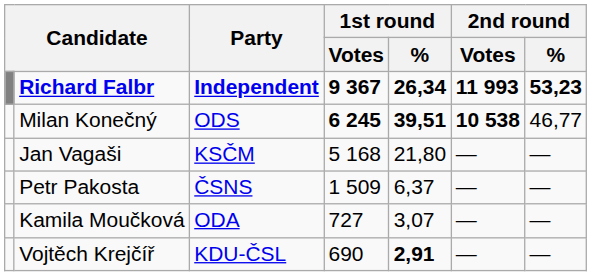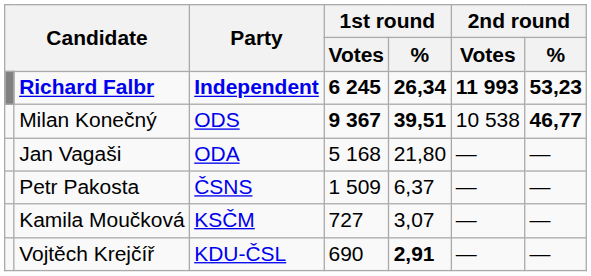 <table class="wikitable sortable">
 <tr>
 <th colspan="2" rowspan="2">Candidate</th>
 <th rowspan="2">Party</th>
 <th colspan="2">1st round</th>
 <th colspan="2">2nd round</th>
 </tr>
 <tr>
 <th>Votes</th>
 <th>%</th>
 <th>Votes</th>
 <th>%</th>
 </tr>
 <tr>
 <td style="background-color:gray;"></td>
 <td><strong><a href='#'>Richard Falbr</a></strong></td>
 <td><strong><a href='#'>Independent</a></strong></td>
-<td><strong>9 367</strong></td>
+<td><strong>6 245</strong></td>
 <td><strong>26,34</strong></td>
 <td><strong>11 993</strong></td>
 <td><strong>53,23</strong></td>
 </tr>
 <tr>
 <td style="background-color:"></td>
 <td>Milan Konečný</td>
 <td><a href='#'>ODS</a></td>
-<td><strong>6 245</strong></td>
+<td><strong>9 367</strong></td>
 <td><strong>39,51</strong></td>
-<td><strong>10 538</strong></td>
-<td>46,77</td>
+<td>10 538</td>
+<td><strong>46,77</strong></td>
 </tr>
 <tr>
 <td style="background-color:"></td>
 <td>Jan Vagaši</td>
-<td><a href='#'>KSČM</a></td>
+<td><a href='#'>ODA</a></td>
 <td>5 168</td>
 <td>21,80</td>
 <td>—</td>
 <td>—</td>
 </tr>
 <tr>
 <td style="background-color:"></td>
 <td>Petr Pakosta</td>
 <td><a href='#'>ČSNS</a></td>
 <td>1 509</td>
 <td>6,37</td>
 <td>—</td>
 <td>—</td>
 </tr>
 <tr>
 <td style="background-color:"></td>
 <td>Kamila Moučková</td>
-<td><a href='#'>ODA</a></td>
+<td><a href='#'>KSČM</a></td>
 <td>727</td>
 <td>3,07</td>
 <td>—</td>
 <td>—</td>
 </tr>
 <tr>
 <td style="background-color:"></td>
 <td>Vojtěch Krejčíř</td>
 <td><a href='#'>KDU-ČSL</a></td>
 <td>690</td>
 <td><strong>2,91</strong></td>
 <td>—</td>
 <td>—</td>
 </tr>
 </table>
